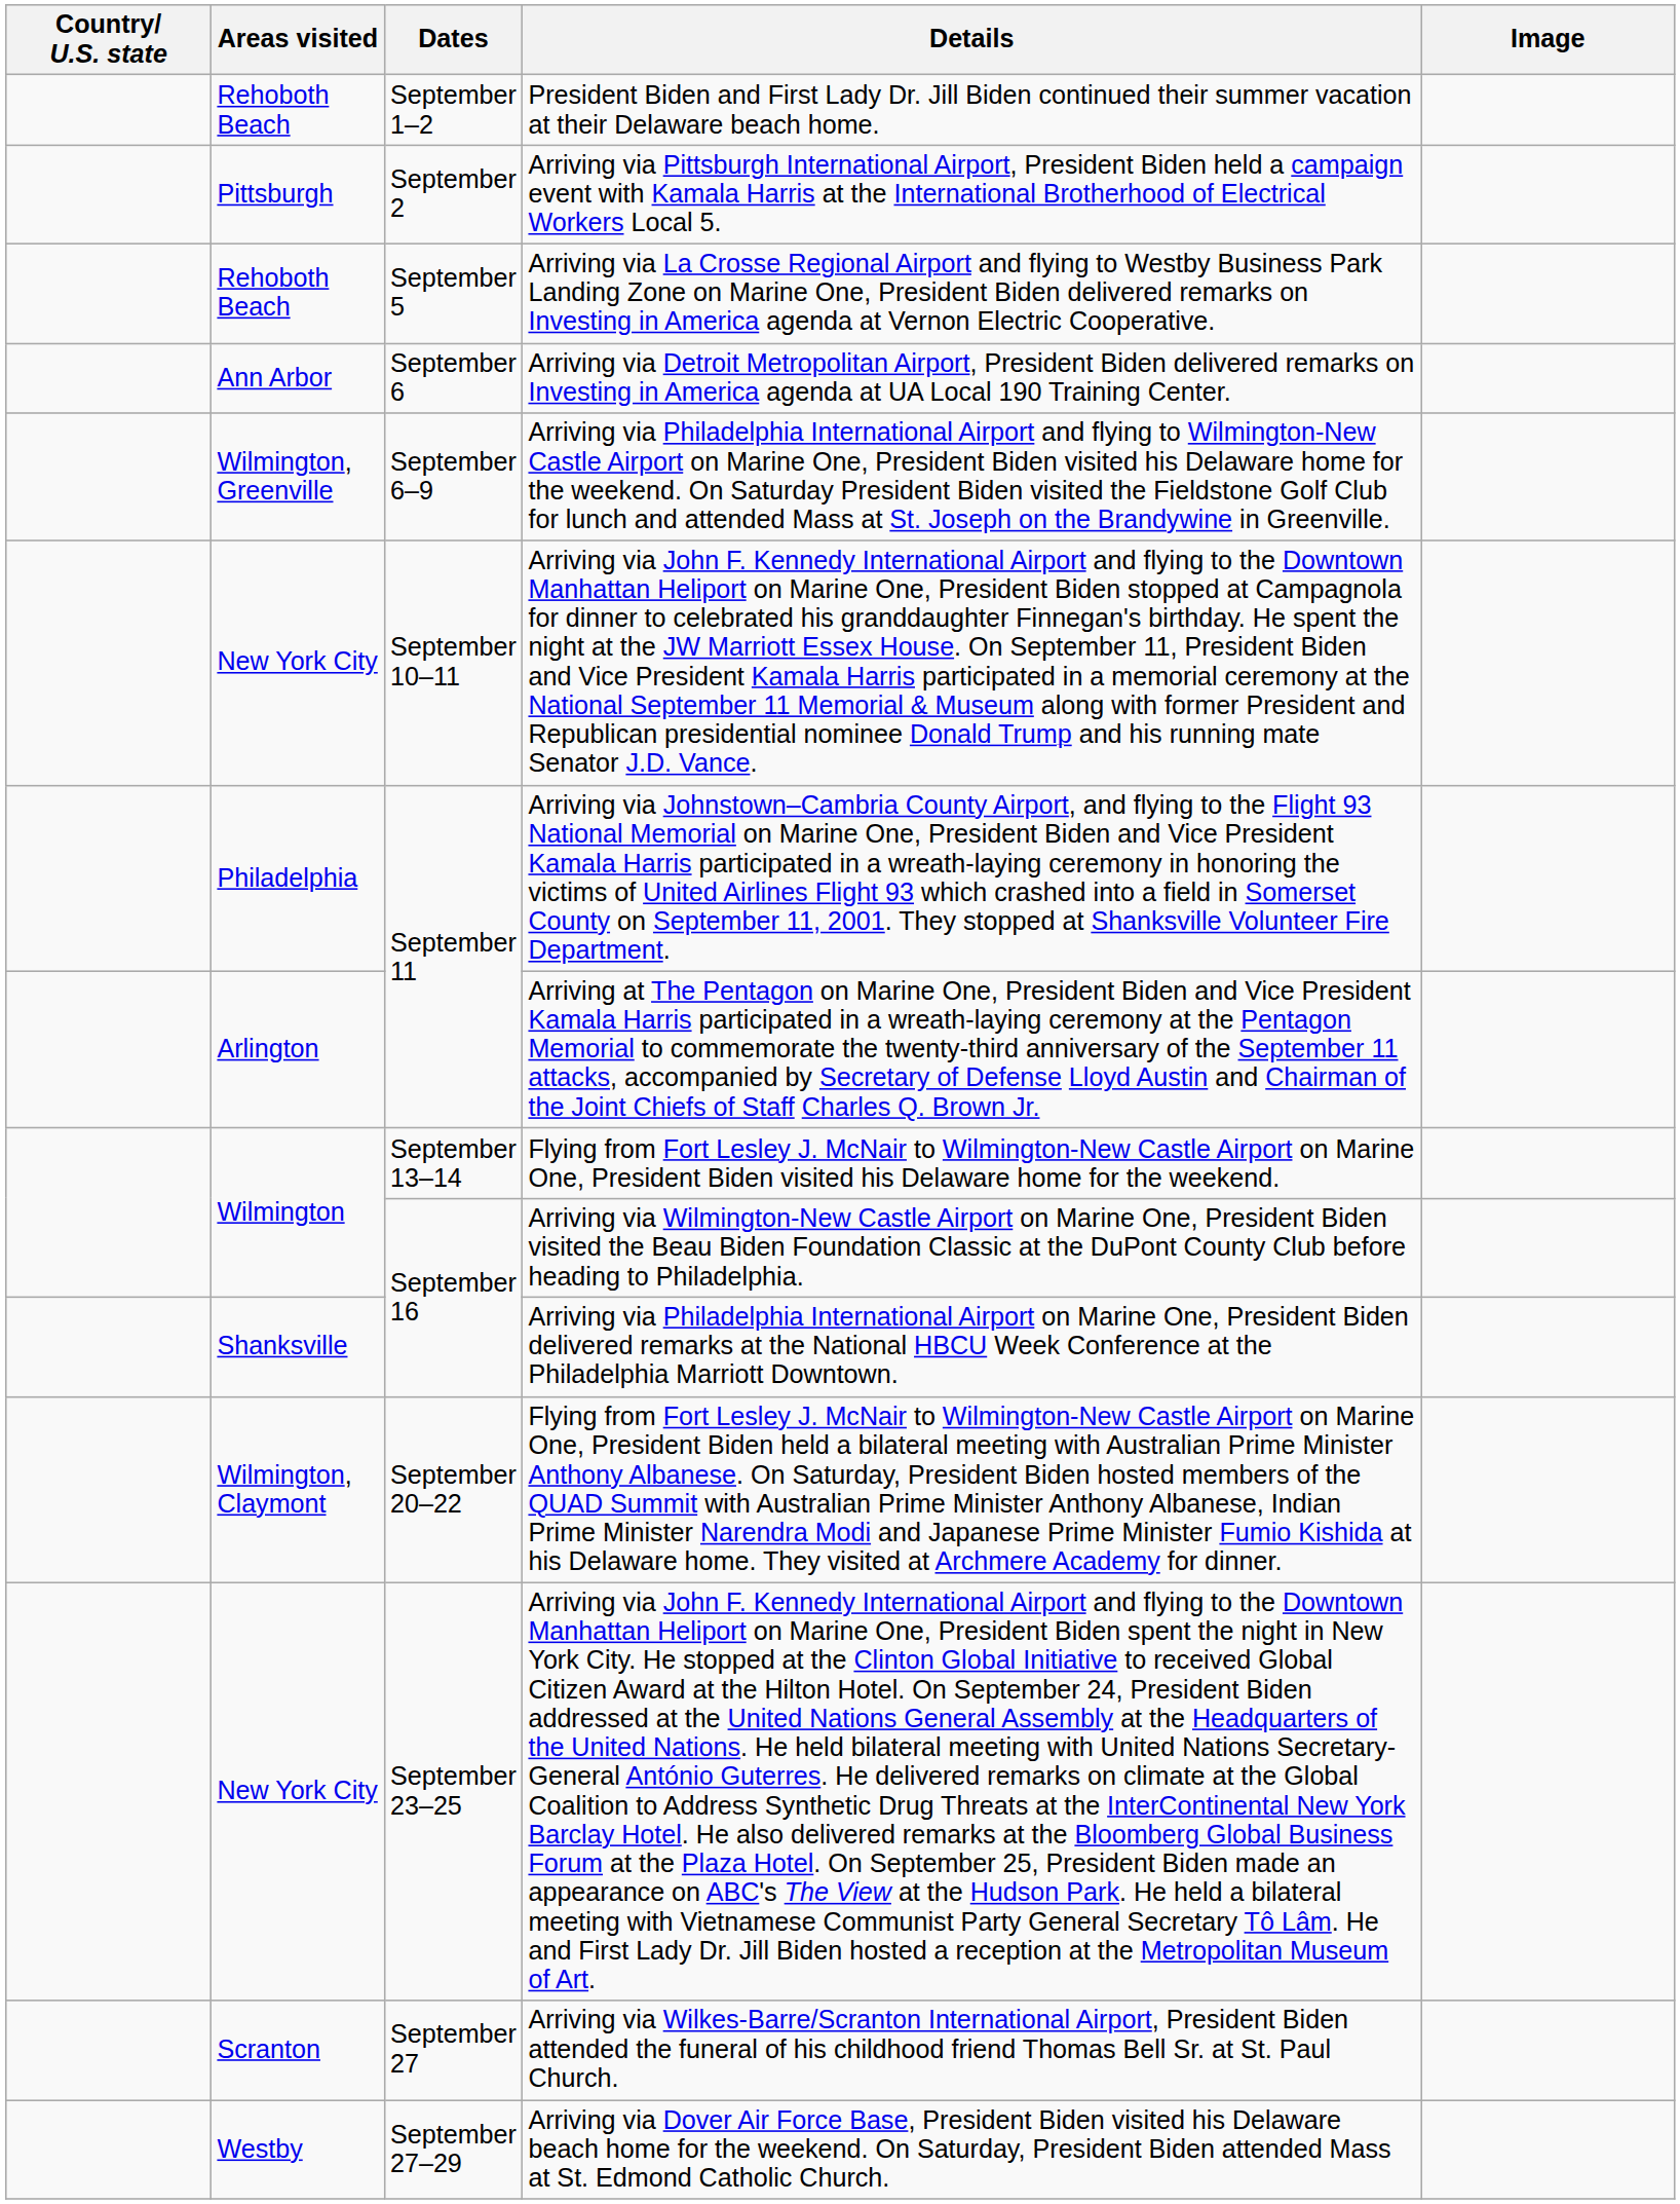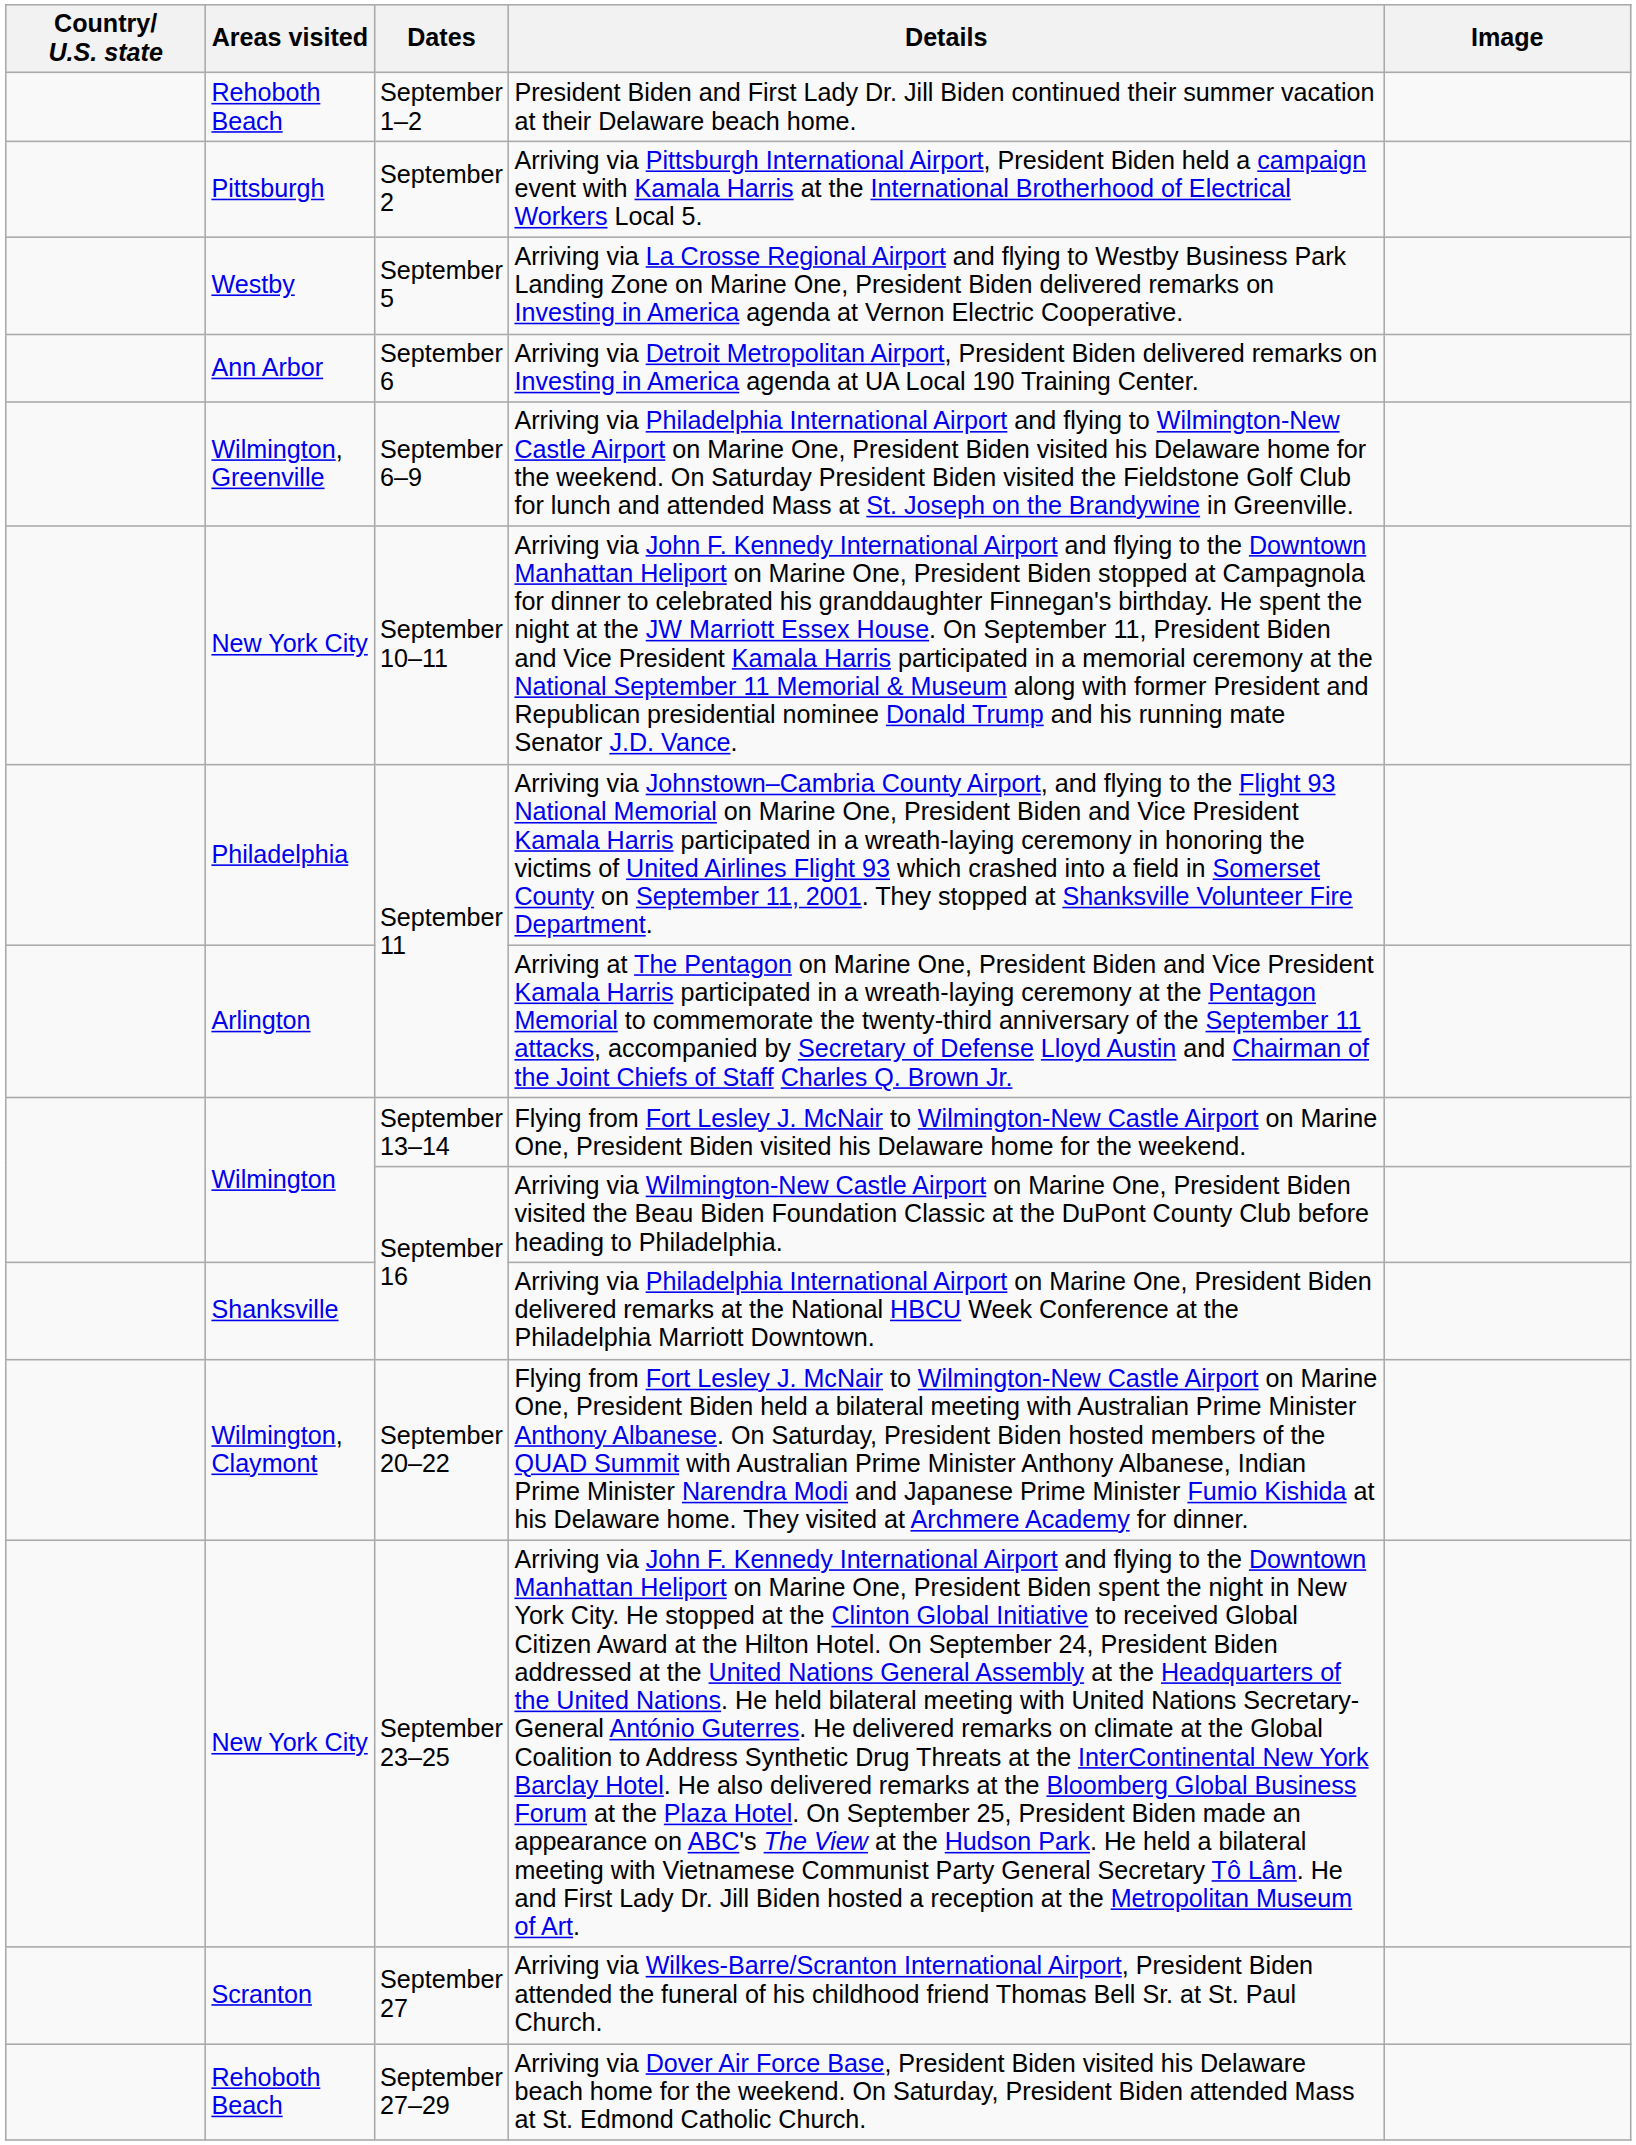 <table class="wikitable" style="margin: 1em auto 1em auto">
 <tr>
 <th width=120>Country/<br><em>U.S. state</em></th>
 <th width=100>Areas visited</th>
 <th width=70>Dates</th>
 <th width=550>Details</th>
 <th width=150>Image</th>
 </tr>
 <tr>
 <td></td>
 <td><a href='#'>Rehoboth Beach</a></td>
 <td>September 1–2</td>
 <td>President Biden and First Lady Dr. Jill Biden continued their summer vacation at their Delaware beach home.</td>
 <td></td>
 </tr>
 <tr>
 <td></td>
 <td><a href='#'>Pittsburgh</a></td>
 <td>September 2</td>
 <td>Arriving via <a href='#'>Pittsburgh International Airport</a>, President Biden held a <a href='#'>campaign</a> event with <a href='#'>Kamala Harris</a> at the <a href='#'>International Brotherhood of Electrical Workers</a> Local 5.</td>
 <td></td>
 </tr>
 <tr>
 <td></td>
-<td><a href='#'>Rehoboth Beach</a></td>
+<td><a href='#'>Westby</a></td>
 <td>September 5</td>
 <td>Arriving via <a href='#'>La Crosse Regional Airport</a> and flying to Westby Business Park Landing Zone on Marine One, President Biden delivered remarks on <a href='#'>Investing in America</a> agenda at Vernon Electric Cooperative.</td>
 <td></td>
 </tr>
 <tr>
 <td></td>
 <td><a href='#'>Ann Arbor</a></td>
 <td>September 6</td>
 <td>Arriving via <a href='#'>Detroit Metropolitan Airport</a>, President Biden delivered remarks on <a href='#'>Investing in America</a> agenda at UA Local 190 Training Center.</td>
 <td></td>
 </tr>
 <tr>
 <td></td>
 <td><a href='#'>Wilmington</a>, <a href='#'>Greenville</a></td>
 <td>September 6–9</td>
 <td>Arriving via <a href='#'>Philadelphia International Airport</a> and flying to <a href='#'>Wilmington-New Castle Airport</a> on Marine One, President Biden visited his Delaware home for the weekend. On Saturday President Biden visited the Fieldstone Golf Club for lunch and attended Mass at <a href='#'>St. Joseph on the Brandywine</a> in Greenville.</td>
 <td></td>
 </tr>
 <tr>
 <td></td>
 <td><a href='#'>New York City</a></td>
 <td>September 10–11</td>
 <td>Arriving via <a href='#'>John F. Kennedy International Airport</a> and flying to the <a href='#'>Downtown Manhattan Heliport</a> on Marine One, President Biden stopped at Campagnola for dinner to celebrated his granddaughter Finnegan's birthday. He spent the night at the <a href='#'>JW Marriott Essex House</a>. On September 11, President Biden and Vice President <a href='#'>Kamala Harris</a> participated in a memorial ceremony at the <a href='#'>National September 11 Memorial & Museum</a> along with former President and Republican presidential nominee <a href='#'>Donald Trump</a> and his running mate Senator <a href='#'>J.D. Vance</a>.</td>
 <td></td>
 </tr>
 <tr>
 <td></td>
 <td><a href='#'>Philadelphia</a></td>
 <td rowspan="2">September 11</td>
 <td>Arriving via <a href='#'>Johnstown–Cambria County Airport</a>, and flying to the <a href='#'>Flight 93 National Memorial</a> on Marine One, President Biden and Vice President <a href='#'>Kamala Harris</a> participated in a wreath-laying ceremony in honoring the victims of <a href='#'>United Airlines Flight 93</a> which crashed into a field in <a href='#'>Somerset County</a> on <a href='#'>September 11, 2001</a>. They stopped at <a href='#'>Shanksville Volunteer Fire Department</a>.</td>
 <td></td>
 </tr>
 <tr>
 <td></td>
 <td><a href='#'>Arlington</a></td>
 <td>Arriving at <a href='#'>The Pentagon</a> on Marine One, President Biden and Vice President <a href='#'>Kamala Harris</a> participated in a wreath-laying ceremony at the <a href='#'>Pentagon Memorial</a> to commemorate the twenty-third anniversary of the <a href='#'>September 11 attacks</a>, accompanied by <a href='#'>Secretary of Defense</a> <a href='#'>Lloyd Austin</a> and <a href='#'>Chairman of the Joint Chiefs of Staff</a> <a href='#'>Charles Q. Brown Jr.</a></td>
 <td></td>
 </tr>
 <tr>
 <td rowspan="2"></td>
 <td rowspan="2"><a href='#'>Wilmington</a></td>
 <td>September 13–14</td>
 <td>Flying from <a href='#'>Fort Lesley J. McNair</a> to <a href='#'>Wilmington-New Castle Airport</a> on Marine One, President Biden visited his Delaware home for the weekend.</td>
 <td></td>
 </tr>
 <tr>
 <td rowspan="2">September 16</td>
 <td>Arriving via <a href='#'>Wilmington-New Castle Airport</a> on Marine One, President Biden visited the Beau Biden Foundation Classic at the DuPont County Club before heading to Philadelphia.</td>
 <td></td>
 </tr>
 <tr>
 <td></td>
 <td><a href='#'>Shanksville</a></td>
 <td>Arriving via <a href='#'>Philadelphia International Airport</a> on Marine One, President Biden delivered remarks at the National <a href='#'>HBCU</a> Week Conference at the Philadelphia Marriott Downtown.</td>
 <td></td>
 </tr>
 <tr>
 <td></td>
 <td><a href='#'>Wilmington</a>, <a href='#'>Claymont</a></td>
 <td>September 20–22</td>
 <td>Flying from <a href='#'>Fort Lesley J. McNair</a> to <a href='#'>Wilmington-New Castle Airport</a> on Marine One, President Biden held a bilateral meeting with Australian Prime Minister <a href='#'>Anthony Albanese</a>. On Saturday, President Biden hosted members of the <a href='#'>QUAD Summit</a> with Australian Prime Minister Anthony Albanese, Indian Prime Minister <a href='#'>Narendra Modi</a> and Japanese Prime Minister <a href='#'>Fumio Kishida</a> at his Delaware home. They visited at <a href='#'>Archmere Academy</a> for dinner.</td>
 <td></td>
 </tr>
 <tr>
 <td></td>
 <td><a href='#'>New York City</a></td>
 <td>September 23–25</td>
 <td>Arriving via <a href='#'>John F. Kennedy International Airport</a> and flying to the <a href='#'>Downtown Manhattan Heliport</a> on Marine One, President Biden spent the night in New York City. He stopped at the <a href='#'>Clinton Global Initiative</a> to received Global Citizen Award at the Hilton Hotel. On September 24, President Biden addressed at the <a href='#'>United Nations General Assembly</a> at the <a href='#'>Headquarters of the United Nations</a>. He held bilateral meeting with United Nations Secretary-General <a href='#'>António Guterres</a>. He delivered remarks on climate at the Global Coalition to Address Synthetic Drug Threats at the <a href='#'>InterContinental New York Barclay Hotel</a>. He also delivered remarks at the <a href='#'>Bloomberg Global Business Forum</a> at the <a href='#'>Plaza Hotel</a>. On September 25, President Biden made an appearance on <a href='#'>ABC</a>'s <em><a href='#'>The View</a></em> at the <a href='#'>Hudson Park</a>. He held a bilateral meeting with Vietnamese Communist Party General Secretary <a href='#'>Tô Lâm</a>. He and First Lady Dr. Jill Biden hosted a reception at the <a href='#'>Metropolitan Museum of Art</a>.</td>
 <td></td>
 </tr>
 <tr>
 <td></td>
 <td><a href='#'>Scranton</a></td>
 <td>September 27</td>
 <td>Arriving via <a href='#'>Wilkes-Barre/Scranton International Airport</a>, President Biden attended the funeral of his childhood friend Thomas Bell Sr. at St. Paul Church.</td>
 <td></td>
 </tr>
 <tr>
 <td></td>
-<td><a href='#'>Westby</a></td>
+<td><a href='#'>Rehoboth Beach</a></td>
 <td>September 27–29</td>
 <td>Arriving via <a href='#'>Dover Air Force Base</a>, President Biden visited his Delaware beach home for the weekend. On Saturday, President Biden attended Mass at St. Edmond Catholic Church.</td>
 <td></td>
 </tr>
 </table>
